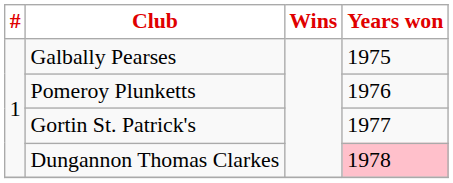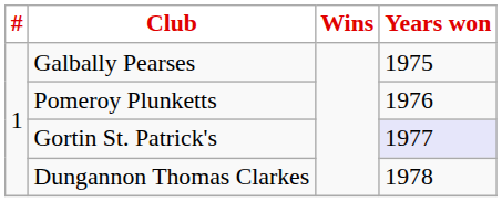 <table class="wikitable">
 <tr>
 <th style="background:white;color:#E00000">#</th>
 <th style="background:white;color:#E00000">Club</th>
 <th style="background:white;color:#E00000">Wins</th>
 <th style="background:white;color:#E00000">Years won</th>
 </tr>
 <tr>
 <td rowspan=4>1</td>
 <td>Galbally Pearses</td>
 <td rowspan=4></td>
 <td>1975</td>
 </tr>
 <tr>
 <td>Pomeroy Plunketts</td>
 <td>1976</td>
 </tr>
 <tr>
 <td>Gortin St. Patrick's</td>
-<td>1977</td>
+<td style="background: lavender;">1977</td>
 </tr>
 <tr>
 <td>Dungannon Thomas Clarkes</td>
-<td style="background: pink;">1978</td>
+<td>1978</td>
 </tr>
 <tr>
 </tr>
 </table>
